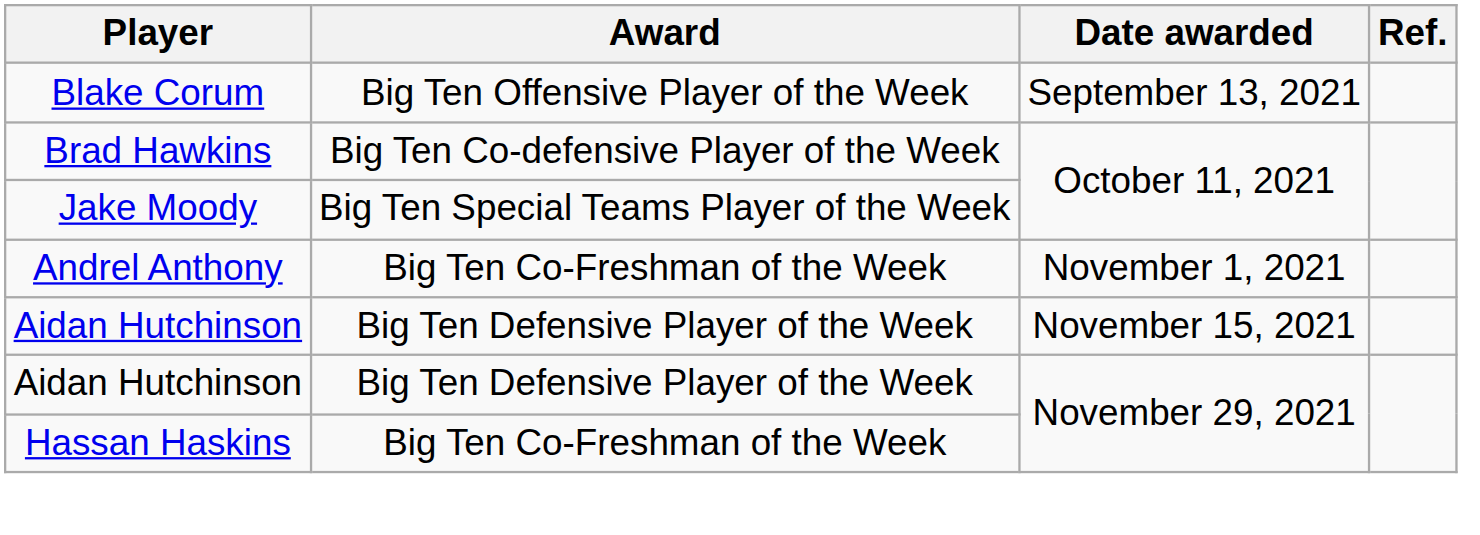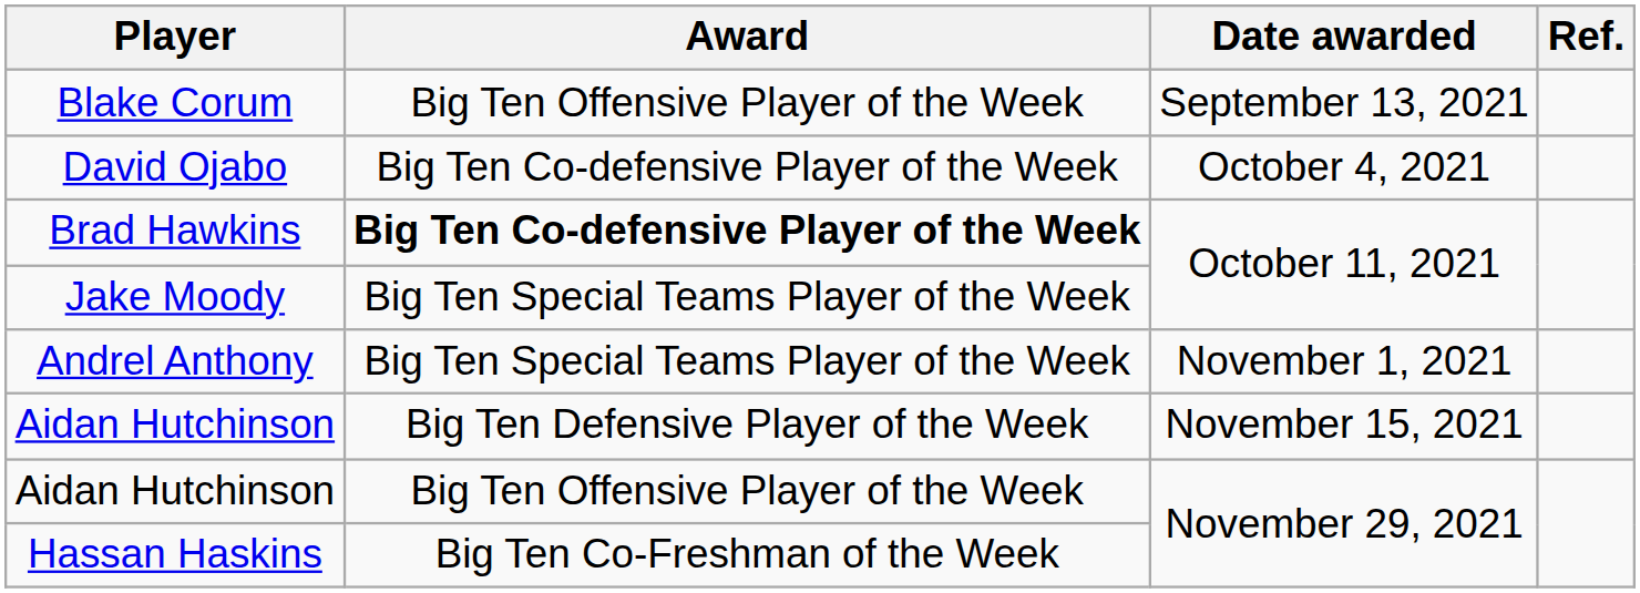 <table class="wikitable sortable sortable" style="text-align: center">
 <tr align=center>
 <th>Player</th>
 <th>Award</th>
 <th>Date awarded</th>
 <th>Ref.</th>
 </tr>
 <tr>
 <td><a href='#'>Blake Corum</a></td>
 <td>Big Ten Offensive Player of the Week</td>
 <td>September 13, 2021</td>
 <td></td>
 </tr>
 <tr>
+<td><a href='#'>David Ojabo</a></td>
+<td>Big Ten Co-defensive Player of the Week</td>
+<td>October 4, 2021</td>
+<td></td>
+</tr>
+<tr>
 <td><a href='#'>Brad Hawkins</a></td>
-<td>Big Ten Co-defensive Player of the Week</td>
+<td><strong>Big Ten Co-defensive Player of the Week</strong></td>
 <td rowspan="2">October 11, 2021</td>
 <td rowspan="2"></td>
 </tr>
 <tr>
 <td><a href='#'>Jake Moody</a></td>
 <td>Big Ten Special Teams Player of the Week</td>
 </tr>
 <tr>
 <td><a href='#'>Andrel Anthony</a></td>
-<td>Big Ten Co-Freshman of the Week</td>
+<td>Big Ten Special Teams Player of the Week</td>
 <td>November 1, 2021</td>
 <td></td>
 </tr>
 <tr>
 <td><a href='#'>Aidan Hutchinson</a></td>
 <td>Big Ten Defensive Player of the Week</td>
 <td>November 15, 2021</td>
 <td></td>
 </tr>
 <tr>
 <td>Aidan Hutchinson</td>
-<td>Big Ten Defensive Player of the Week</td>
+<td>Big Ten Offensive Player of the Week</td>
 <td rowspan="2">November 29, 2021</td>
 <td rowspan="2"></td>
 </tr>
 <tr>
 <td><a href='#'>Hassan Haskins</a></td>
 <td>Big Ten Co-Freshman of the Week</td>
 </tr>
 </table>
